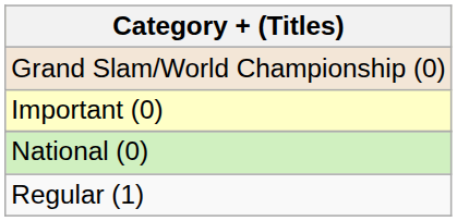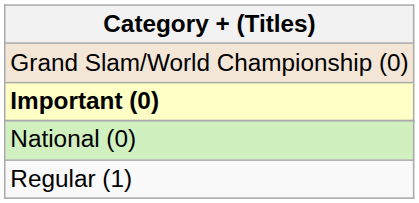 <table class="wikitable" style="display:inline-table;">
 <tr style="background:#ffc;">
 <th>Category + (Titles)</th>
 </tr>
 <tr style="background:#f3e6d7">
 <td>Grand Slam/World Championship (0)</td>
 </tr>
 <tr style="background:#ffffc6;">
-<td>Important (0)</td>
+<td><strong>Important (0)</strong></td>
 </tr>
 <tr>
 </tr>
 <tr style="background:#d0f0c0">
 <td>National (0)</td>
 </tr>
 <tr>
 <td>Regular (1)</td>
 </tr>
 </table>
